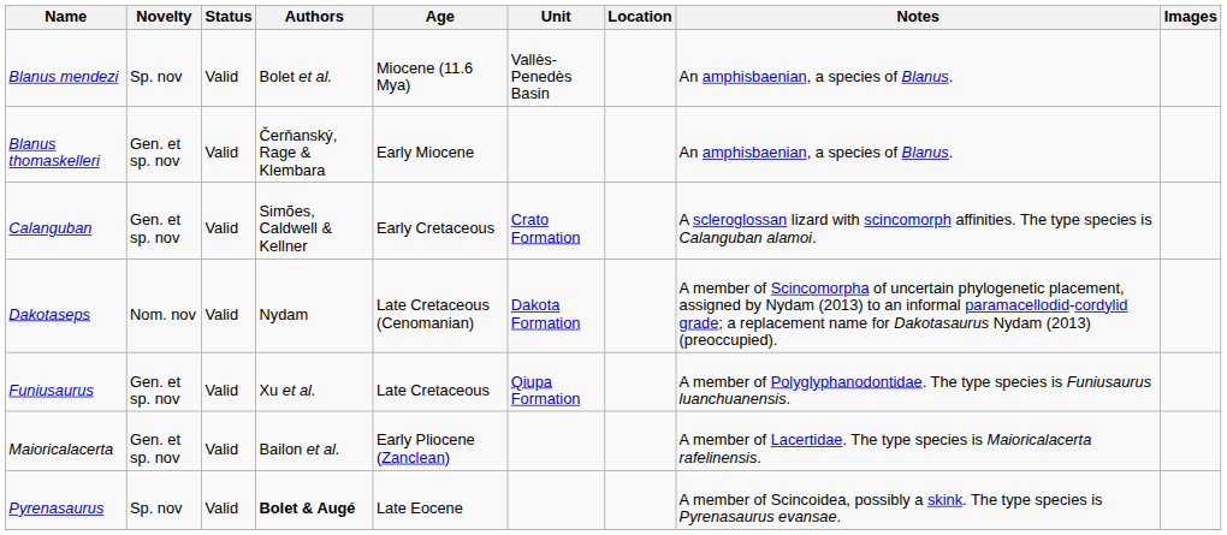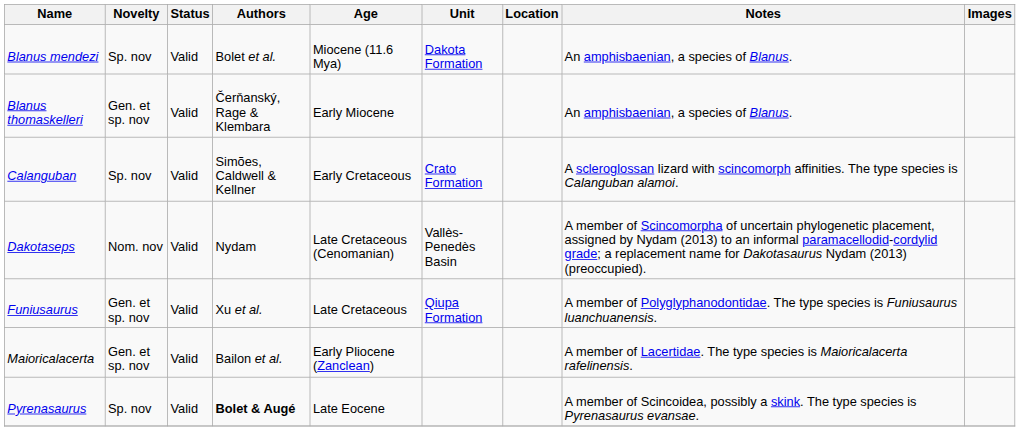 <table class="wikitable sortable" align="center" width="100%">
 <tr>
 <th>Name</th>
 <th>Novelty</th>
 <th>Status</th>
 <th>Authors</th>
 <th>Age</th>
 <th>Unit</th>
 <th>Location</th>
 <th>Notes</th>
 <th>Images</th>
 </tr>
 <tr>
 <td><br><em><a href='#'>Blanus mendezi</a></em></td>
 <td><br>Sp. nov</td>
 <td><br>Valid</td>
 <td><br>Bolet <em>et al.</em></td>
 <td><br>Miocene (11.6 Mya)</td>
-<td><br>Vallès-Penedès Basin</td>
+<td><br><a href='#'>Dakota Formation</a></td>
 <td><br></td>
 <td><br>An <a href='#'>amphisbaenian</a>, a species of <em><a href='#'>Blanus</a></em>.</td>
 <td></td>
 </tr>
 <tr>
 <td><br><em><a href='#'>Blanus thomaskelleri</a></em></td>
 <td><br>Gen. et sp. nov</td>
 <td><br>Valid</td>
 <td><br>Čerňanský, Rage & Klembara</td>
 <td><br>Early Miocene</td>
 <td></td>
 <td><br></td>
 <td><br>An <a href='#'>amphisbaenian</a>, a species of <em><a href='#'>Blanus</a></em>.</td>
 <td></td>
 </tr>
 <tr>
 <td><br><em><a href='#'>Calanguban</a></em></td>
-<td><br>Gen. et sp. nov</td>
+<td><br>Sp. nov</td>
 <td><br>Valid</td>
 <td><br>Simões, Caldwell & Kellner</td>
 <td><br>Early Cretaceous</td>
 <td><br><a href='#'>Crato Formation</a></td>
 <td><br></td>
 <td><br>A <a href='#'>scleroglossan</a> lizard with <a href='#'>scincomorph</a> affinities. The type species is <em>Calanguban alamoi</em>.</td>
 <td></td>
 </tr>
 <tr>
 <td><br><em><a href='#'>Dakotaseps</a></em></td>
 <td><br>Nom. nov</td>
 <td><br>Valid</td>
 <td><br>Nydam</td>
 <td><br>Late Cretaceous (Cenomanian)</td>
-<td><br><a href='#'>Dakota Formation</a></td>
+<td><br>Vallès-Penedès Basin</td>
 <td><br></td>
 <td><br>A member of <a href='#'>Scincomorpha</a> of uncertain phylogenetic placement, assigned by Nydam (2013) to an informal <a href='#'>paramacellodid</a>-<a href='#'>cordylid</a> <a href='#'>grade</a>; a replacement name for <em>Dakotasaurus</em> Nydam (2013) (preoccupied).</td>
 <td></td>
 </tr>
 <tr>
 <td><br><em><a href='#'>Funiusaurus</a></em></td>
 <td><br>Gen. et sp. nov</td>
 <td><br>Valid</td>
 <td><br>Xu <em>et al.</em></td>
 <td><br>Late Cretaceous</td>
 <td><br><a href='#'>Qiupa Formation</a></td>
 <td><br></td>
 <td><br>A member of <a href='#'>Polyglyphanodontidae</a>. The type species is <em>Funiusaurus luanchuanensis</em>.</td>
 <td></td>
 </tr>
 <tr>
 <td><br><em>Maioricalacerta</em></td>
 <td><br>Gen. et sp. nov</td>
 <td><br>Valid</td>
 <td><br>Bailon <em>et al.</em></td>
 <td><br>Early Pliocene (<a href='#'>Zanclean</a>)</td>
 <td></td>
 <td><br></td>
 <td><br>A member of <a href='#'>Lacertidae</a>. The type species is <em>Maioricalacerta rafelinensis</em>.</td>
 <td></td>
 </tr>
 <tr>
 <td><br><em><a href='#'>Pyrenasaurus</a></em></td>
 <td><br>Sp. nov</td>
 <td><br>Valid</td>
 <td><strong><br>Bolet & Augé</strong></td>
 <td><br>Late Eocene</td>
 <td></td>
 <td><br><br> </td>
 <td><br>A member of Scincoidea, possibly a <a href='#'>skink</a>. The type species is <em>Pyrenasaurus evansae</em>.</td>
 <td></td>
 </tr>
 <tr>
 </tr>
 </table>
